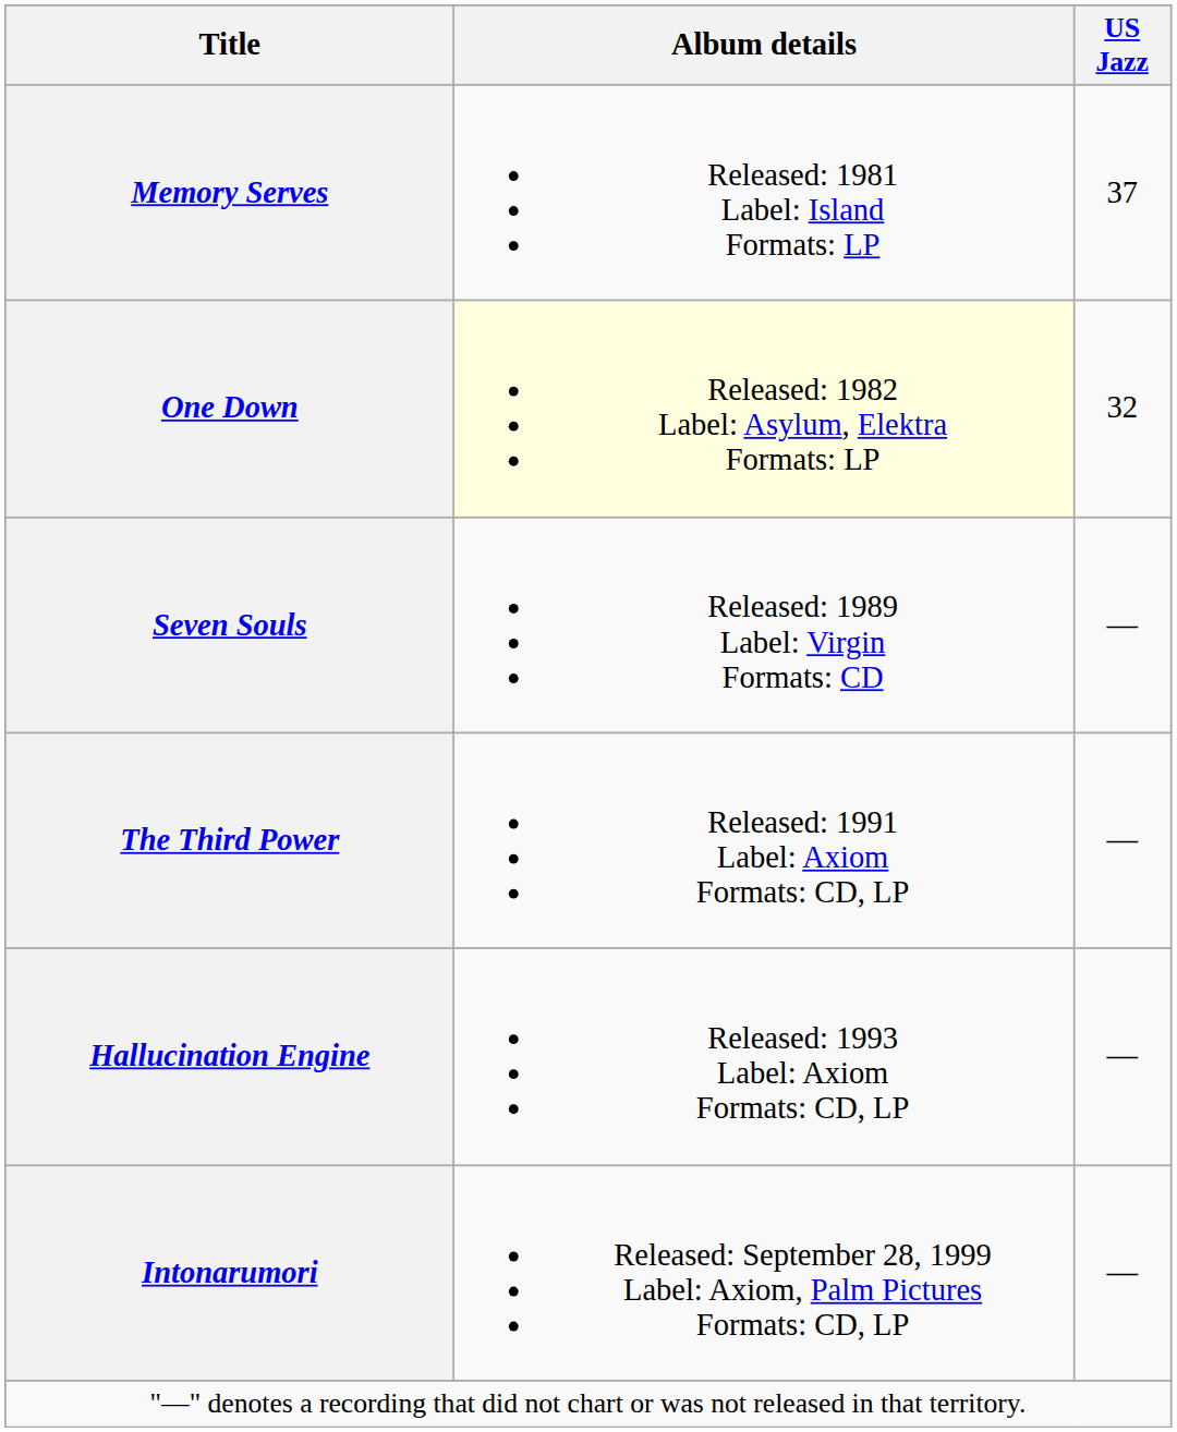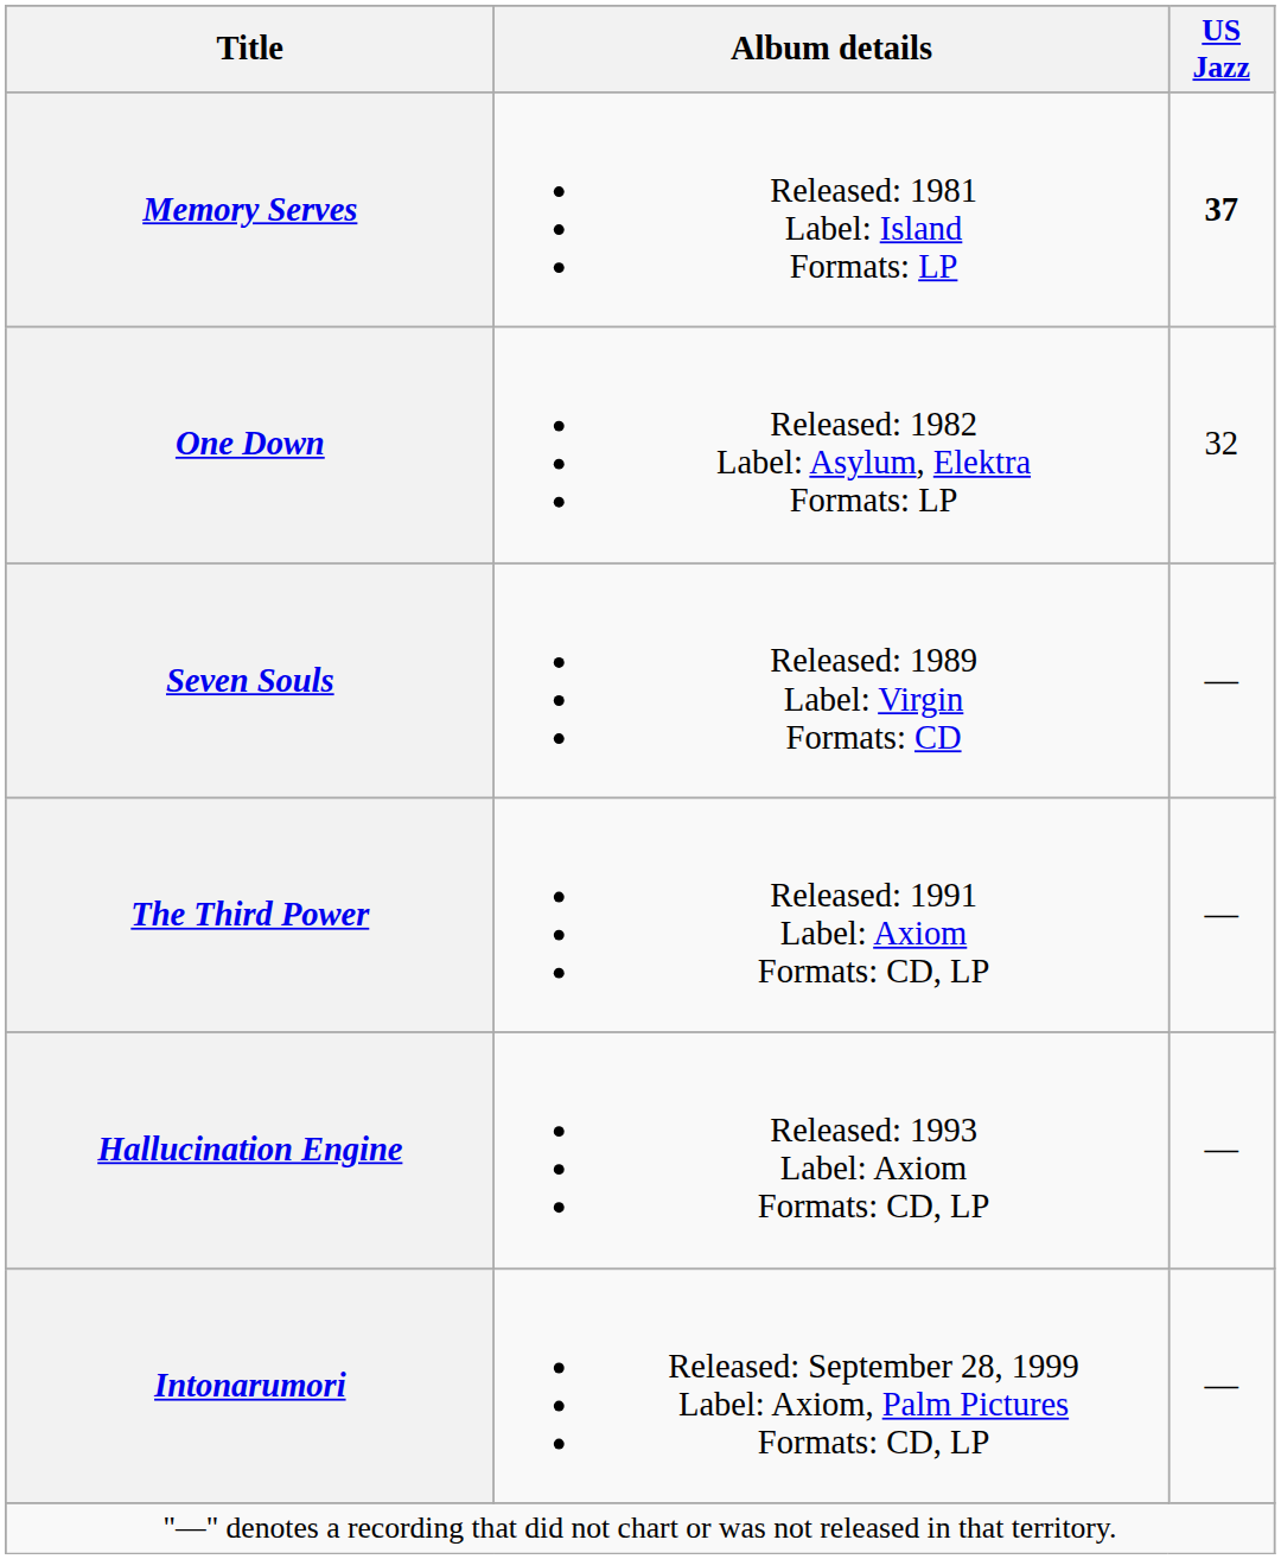 <table class="wikitable plainrowheaders" style="text-align:center;">
 <tr>
 <th scope="col" rowspan="1" style="width:14em;">Title</th>
 <th scope="col" rowspan="1" style="width:19.5em;">Album details</th>
 <th scope="col" rowspan="1" style="width:3em;font-size:90%;"><a href='#'>US Jazz</a><br></th>
 </tr>
 <tr>
 <th scope="row"><em><a href='#'>Memory Serves</a></em></th>
 <td><br><ul><li>Released: 1981</li><li>Label: <a href='#'>Island</a></li><li>Formats: <a href='#'>LP</a></li></ul></td>
-<td>37</td>
+<td><strong>37</strong></td>
 </tr>
 <tr>
 <th scope="row"><em><a href='#'>One Down</a></em></th>
-<td style="background: lightyellow;"><br><ul><li>Released: 1982</li><li>Label: <a href='#'>Asylum</a>, <a href='#'>Elektra</a></li><li>Formats: LP</li></ul></td>
+<td><br><ul><li>Released: 1982</li><li>Label: <a href='#'>Asylum</a>, <a href='#'>Elektra</a></li><li>Formats: LP</li></ul></td>
 <td>32</td>
 </tr>
 <tr>
 <th scope="row"><em><a href='#'>Seven Souls</a></em></th>
 <td><br><ul><li>Released: 1989</li><li>Label: <a href='#'>Virgin</a></li><li>Formats: <a href='#'>CD</a></li></ul></td>
 <td>—</td>
 </tr>
 <tr>
 <th scope="row"><em><a href='#'>The Third Power</a></em></th>
 <td><br><ul><li>Released: 1991</li><li>Label: <a href='#'>Axiom</a></li><li>Formats: CD, LP</li></ul></td>
 <td>—</td>
 </tr>
 <tr>
 <th scope="row"><em><a href='#'>Hallucination Engine</a></em></th>
 <td><br><ul><li>Released: 1993</li><li>Label: Axiom</li><li>Formats: CD, LP</li></ul></td>
 <td>—</td>
 </tr>
 <tr>
 <th scope="row"><em><a href='#'>Intonarumori</a></em></th>
 <td><br><ul><li>Released: September 28, 1999</li><li>Label: Axiom, <a href='#'>Palm Pictures</a></li><li>Formats: CD, LP</li></ul></td>
 <td>—</td>
 </tr>
 <tr>
 <td colspan="6" style="font-size:90%">"—" denotes a recording that did not chart or was not released in that territory.</td>
 </tr>
 </table>
